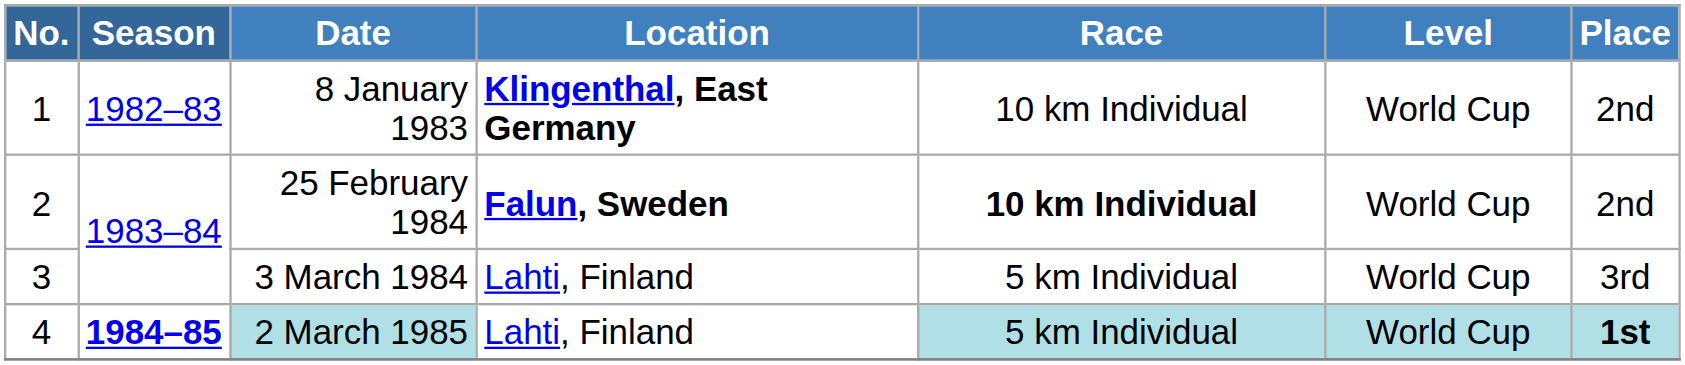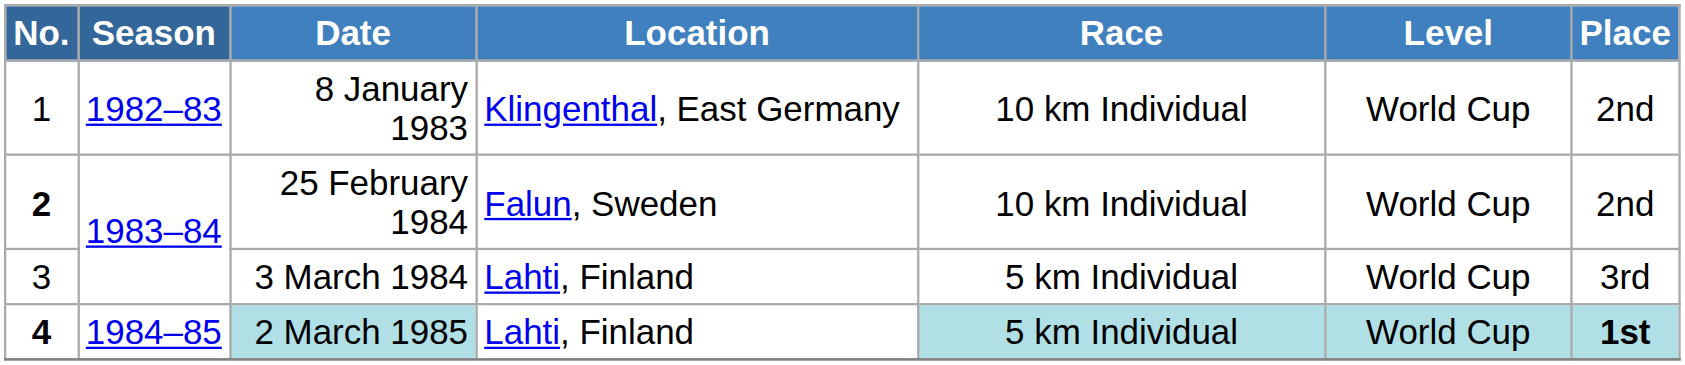 <table class="wikitable sortable" style="font-size:95%; text-align:center; border:grey solid 1px; border-collapse:collapse; background:#ffffff;">
 <tr style="background:#efefef;">
 <th style="background-color:#369; color:white;">No.</th>
 <th style="background-color:#369; color:white;">Season</th>
 <th style="background-color:#4180be; color:white; width:100px;">Date</th>
 <th style="background-color:#4180be; color:white; width:185px;">Location</th>
 <th style="background-color:#4180be; color:white; width:170px;">Race</th>
 <th style="background-color:#4180be; color:white; width:100px;">Level</th>
 <th style="background-color:#4180be; color:white;">Place</th>
 </tr>
 <tr>
 <td align=center>1</td>
 <td rowspan=1 align=center><a href='#'>1982–83</a></td>
 <td align=right>8 January 1983</td>
-<td align=left><strong> <a href='#'>Klingenthal</a>, East Germany</strong></td>
+<td align=left> <a href='#'>Klingenthal</a>, East Germany</td>
 <td>10 km Individual</td>
 <td>World Cup</td>
 <td>2nd</td>
 </tr>
 <tr>
-<td align=center>2</td>
+<td align=center><strong>2</strong></td>
 <td rowspan=2 align=center><a href='#'>1983–84</a></td>
 <td align=right>25 February 1984</td>
-<td align=left><strong> <a href='#'>Falun</a>, Sweden</strong></td>
-<td><strong>10 km Individual</strong></td>
+<td align=left> <a href='#'>Falun</a>, Sweden</td>
+<td>10 km Individual</td>
 <td>World Cup</td>
 <td>2nd</td>
 </tr>
 <tr>
 <td align=center>3</td>
 <td align=right>3 March 1984</td>
 <td align=left> <a href='#'>Lahti</a>, Finland</td>
 <td>5 km Individual</td>
 <td>World Cup</td>
 <td>3rd</td>
 </tr>
 <tr>
-<td align=center>4</td>
-<td rowspan=1 align=center><strong><a href='#'>1984–85</a></strong></td>
+<td align=center><strong>4</strong></td>
+<td rowspan=1 align=center><a href='#'>1984–85</a></td>
 <td bgcolor="#BOEOE6" align=right>2 March 1985</td>
 <td align=left> <a href='#'>Lahti</a>, Finland</td>
 <td bgcolor="#BOEOE6">5 km Individual</td>
 <td bgcolor="#BOEOE6">World Cup</td>
 <td bgcolor="#BOEOE6"><strong>1st</strong></td>
 </tr>
 <tr>
 </tr>
 </table>
